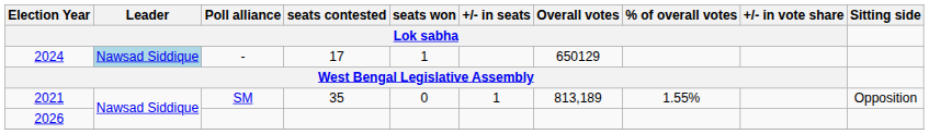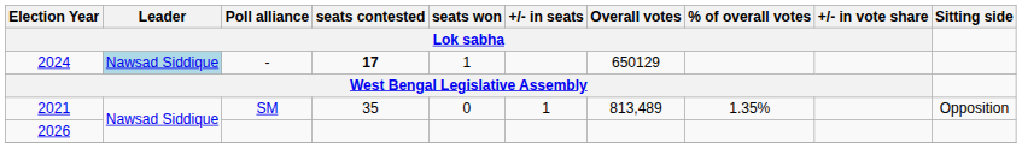 <table class="wikitable " style="text-align:center;">
 <tr>
 <th Style="background-color:">Election Year</th>
 <th style="background-color:">Leader</th>
 <th style="background-color:">Poll alliance</th>
 <th style="background-color:">seats contested</th>
 <th style="background-color:">seats won</th>
 <th style="background-color:">+/- in seats</th>
 <th style="background-color:">Overall votes</th>
 <th Style="background-color:">% of overall votes</th>
 <th Style="background-color:">+/- in vote share</th>
 <th Style="background-color:">Sitting side</th>
 </tr>
 <tr>
 <th colspan="9"><a href='#'>Lok sabha</a></th>
 </tr>
 <tr>
 <td><a href='#'>2024</a></td>
 <td Rowspan="1" style="background: lightblue;"><a href='#'>Nawsad Siddique</a></td>
 <td>-</td>
-<td>17</td>
+<td><strong>17</strong></td>
 <td>1</td>
 <td></td>
 <td>650129</td>
 <td></td>
 <td></td>
 <td></td>
 </tr>
 <tr>
 <th colspan="9"><a href='#'>West Bengal Legislative Assembly</a></th>
 </tr>
 <tr>
 <td><a href='#'>2021</a></td>
 <td Rowspan="2"><a href='#'>Nawsad Siddique</a></td>
 <td><a href='#'>SM</a></td>
 <td>35</td>
 <td>0</td>
 <td>1</td>
-<td>813,189</td>
-<td>1.55%</td>
+<td>813,489</td>
+<td>1.35%</td>
 <td></td>
 <td>Opposition</td>
 </tr>
 <tr>
 <td><a href='#'>2026</a></td>
 <td></td>
 <td></td>
 <td></td>
 <td></td>
 <td></td>
 <td></td>
 <td></td>
 <td></td>
 </tr>
 <tr>
 </tr>
 </table>
